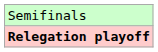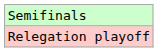 <table class=wikitable>
 <tr>
 <td bgcolor=ccffcc>Semifinals</td>
 </tr>
 <tr>
-<td bgcolor=ffcccc><strong>Relegation playoff</strong></td>
+<td bgcolor=ffcccc>Relegation playoff</td>
 </tr>
 </table>
